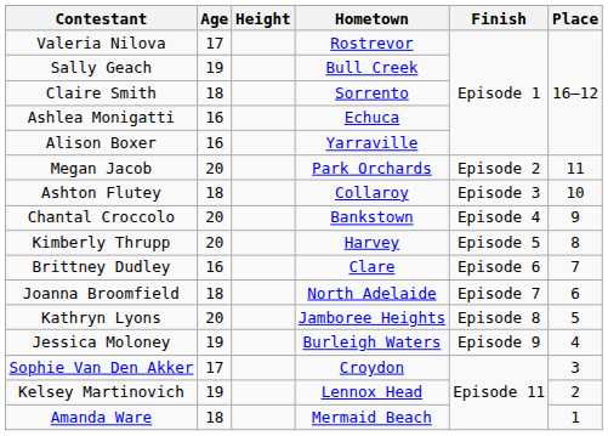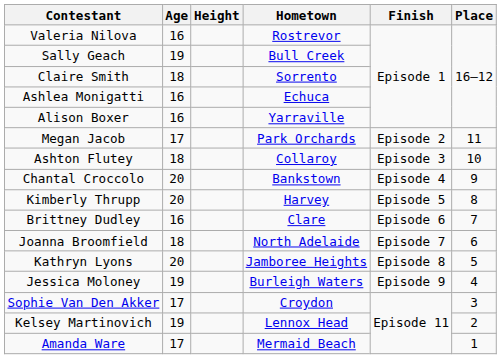 <table class="wikitable sortable" style="text-align:center;">
 <tr>
 <th>Contestant</th>
 <th>Age</th>
 <th>Height</th>
 <th>Hometown</th>
 <th>Finish</th>
 <th>Place</th>
 </tr>
 <tr>
 <td>Valeria Nilova</td>
-<td>17</td>
+<td>16</td>
 <td></td>
 <td><a href='#'>Rostrevor</a></td>
 <td rowspan=5>Episode 1</td>
 <td rowspan="5">16–12</td>
 </tr>
 <tr>
 <td>Sally Geach</td>
 <td>19</td>
 <td></td>
 <td><a href='#'>Bull Creek</a></td>
 </tr>
 <tr>
 <td>Claire Smith</td>
 <td>18</td>
 <td></td>
 <td><a href='#'>Sorrento</a></td>
 </tr>
 <tr>
 <td>Ashlea Monigatti</td>
 <td>16</td>
 <td></td>
 <td><a href='#'>Echuca</a></td>
 </tr>
 <tr>
 <td>Alison Boxer</td>
 <td>16</td>
 <td></td>
 <td><a href='#'>Yarraville</a></td>
 </tr>
 <tr>
 <td>Megan Jacob</td>
-<td>20</td>
+<td>17</td>
 <td></td>
 <td><a href='#'>Park Orchards</a></td>
 <td>Episode 2</td>
 <td>11</td>
 </tr>
 <tr>
 <td>Ashton Flutey</td>
 <td>18</td>
 <td></td>
 <td><a href='#'>Collaroy</a></td>
 <td>Episode 3</td>
 <td>10</td>
 </tr>
 <tr>
 <td>Chantal Croccolo</td>
 <td>20</td>
 <td></td>
 <td><a href='#'>Bankstown</a></td>
 <td>Episode 4</td>
 <td>9</td>
 </tr>
 <tr>
 <td>Kimberly Thrupp</td>
 <td>20</td>
 <td></td>
 <td><a href='#'>Harvey</a></td>
 <td>Episode 5</td>
 <td>8</td>
 </tr>
 <tr>
 <td>Brittney Dudley</td>
 <td>16</td>
 <td></td>
 <td><a href='#'>Clare</a></td>
 <td>Episode 6</td>
 <td>7</td>
 </tr>
 <tr>
 <td>Joanna Broomfield</td>
 <td>18</td>
 <td></td>
 <td><a href='#'>North Adelaide</a></td>
 <td>Episode 7</td>
 <td>6</td>
 </tr>
 <tr>
 <td>Kathryn Lyons</td>
 <td>20</td>
 <td></td>
 <td><a href='#'>Jamboree Heights</a></td>
 <td>Episode 8</td>
 <td>5</td>
 </tr>
 <tr>
 <td>Jessica Moloney</td>
 <td>19</td>
 <td></td>
 <td><a href='#'>Burleigh Waters</a></td>
 <td>Episode 9</td>
 <td>4</td>
 </tr>
 <tr>
 <td><a href='#'>Sophie Van Den Akker</a></td>
 <td>17</td>
 <td></td>
 <td><a href='#'>Croydon</a></td>
 <td rowspan="3">Episode 11</td>
 <td>3</td>
 </tr>
 <tr>
 <td>Kelsey Martinovich</td>
 <td>19</td>
 <td></td>
 <td><a href='#'>Lennox Head</a></td>
 <td>2</td>
 </tr>
 <tr>
 <td><a href='#'>Amanda Ware</a></td>
-<td>18</td>
+<td>17</td>
 <td></td>
 <td><a href='#'>Mermaid Beach</a></td>
 <td>1</td>
 </tr>
 </table>
